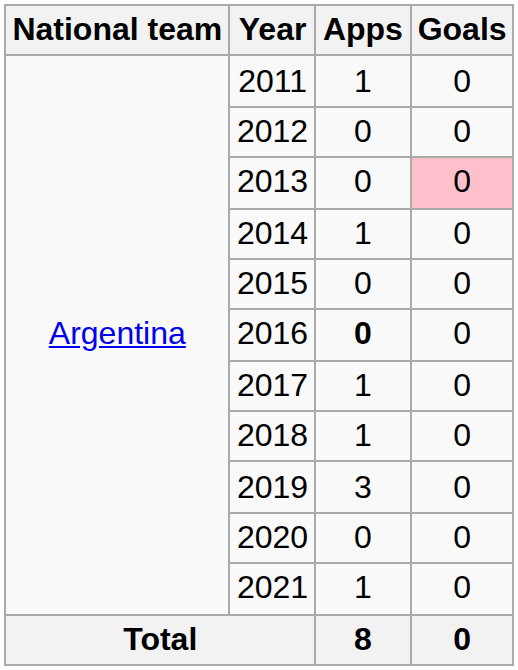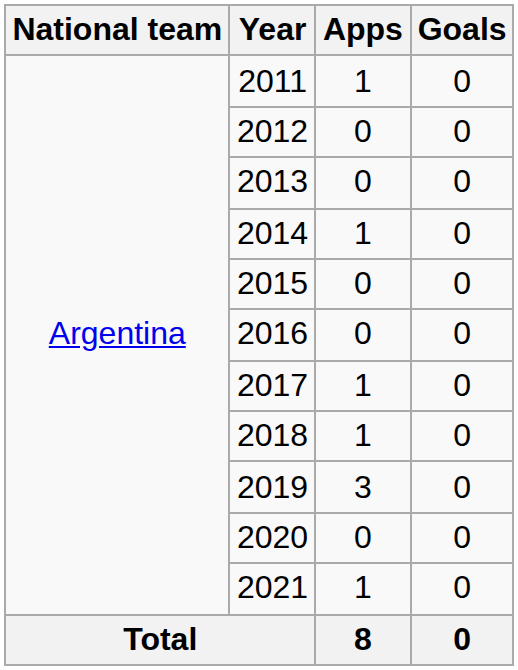 <table class="wikitable" style="text-align:center">
 <tr>
 <th>National team</th>
 <th>Year</th>
 <th>Apps</th>
 <th>Goals</th>
 </tr>
 <tr>
 <td rowspan="11"><a href='#'>Argentina</a></td>
 <td>2011</td>
 <td>1</td>
 <td>0</td>
 </tr>
 <tr>
 <td>2012</td>
 <td>0</td>
 <td>0</td>
 </tr>
 <tr>
 <td>2013</td>
 <td>0</td>
-<td style="background: pink;">0</td>
+<td>0</td>
 </tr>
 <tr>
 <td>2014</td>
 <td>1</td>
 <td>0</td>
 </tr>
 <tr>
 <td>2015</td>
 <td>0</td>
 <td>0</td>
 </tr>
 <tr>
 <td>2016</td>
-<td><strong>0</strong></td>
+<td>0</td>
 <td>0</td>
 </tr>
 <tr>
 <td>2017</td>
 <td>1</td>
 <td>0</td>
 </tr>
 <tr>
 <td>2018</td>
 <td>1</td>
 <td>0</td>
 </tr>
 <tr>
 <td>2019</td>
 <td>3</td>
 <td>0</td>
 </tr>
 <tr>
 <td>2020</td>
 <td>0</td>
 <td>0</td>
 </tr>
 <tr>
 <td>2021</td>
 <td>1</td>
 <td>0</td>
 </tr>
 <tr>
 <th colspan="2">Total</th>
 <th>8</th>
 <th>0</th>
 </tr>
 </table>
